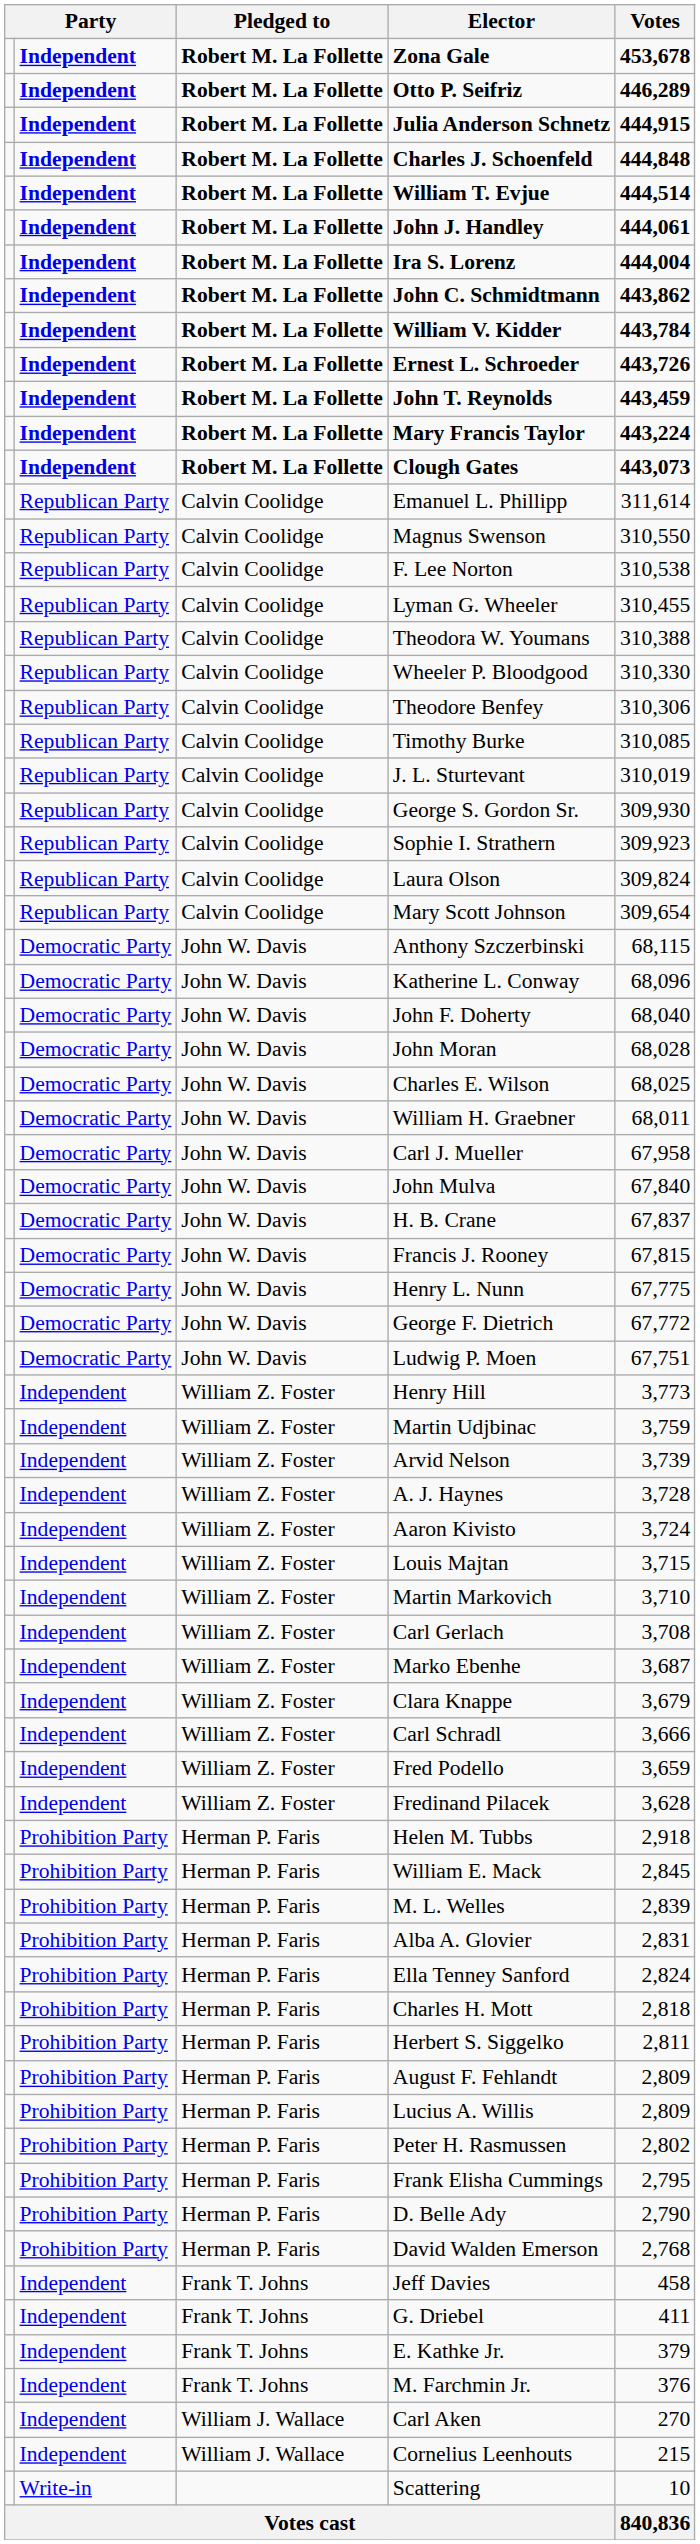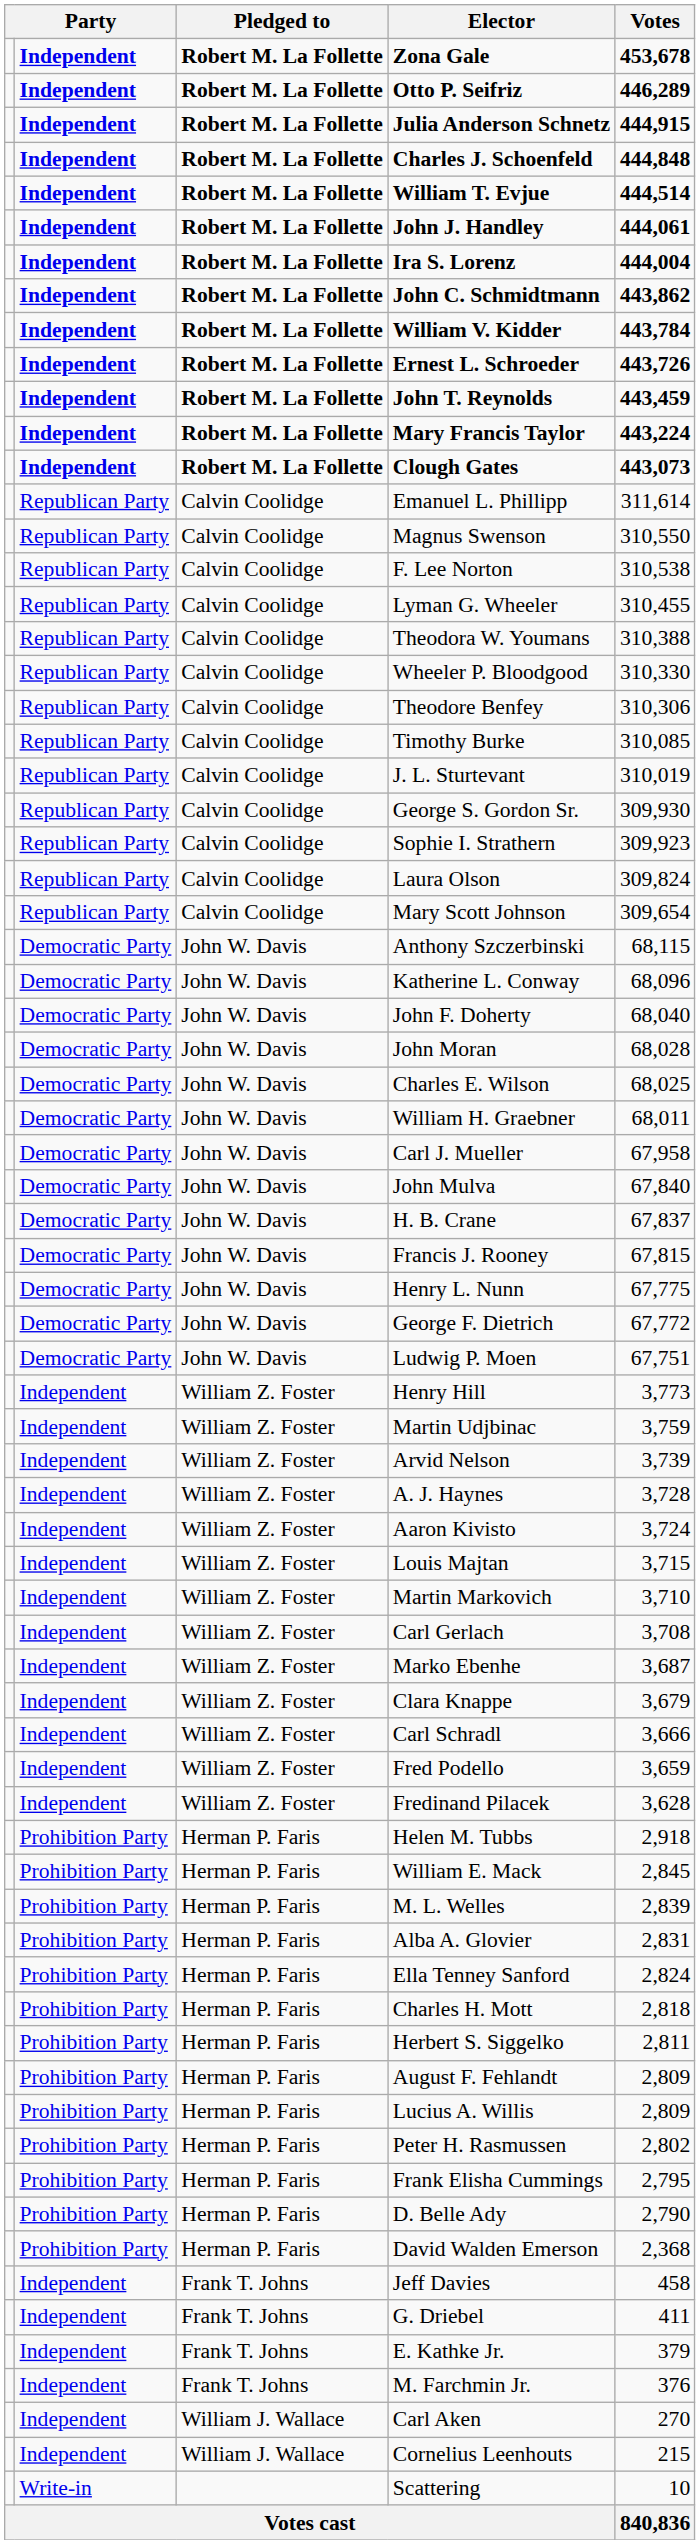 <table class="wikitable">
 <tr>
 <th colspan=2>Party</th>
 <th>Pledged to</th>
 <th>Elector</th>
 <th>Votes</th>
 </tr>
 <tr style="font-weight:bold">
 <td></td>
 <td><a href='#'>Independent</a></td>
 <td>Robert M. La Follette</td>
 <td>Zona Gale</td>
 <td align="right">453,678</td>
 </tr>
 <tr style="font-weight:bold">
 <td></td>
 <td><a href='#'>Independent</a></td>
 <td>Robert M. La Follette</td>
 <td>Otto P. Seifriz</td>
 <td align="right">446,289</td>
 </tr>
 <tr style="font-weight:bold">
 <td></td>
 <td><a href='#'>Independent</a></td>
 <td>Robert M. La Follette</td>
 <td>Julia Anderson Schnetz</td>
 <td align="right">444,915</td>
 </tr>
 <tr style="font-weight:bold">
 <td></td>
 <td><a href='#'>Independent</a></td>
 <td>Robert M. La Follette</td>
 <td>Charles J. Schoenfeld</td>
 <td align="right">444,848</td>
 </tr>
 <tr style="font-weight:bold">
 <td></td>
 <td><a href='#'>Independent</a></td>
 <td>Robert M. La Follette</td>
 <td>William T. Evjue</td>
 <td align="right">444,514</td>
 </tr>
 <tr style="font-weight:bold">
 <td></td>
 <td><a href='#'>Independent</a></td>
 <td>Robert M. La Follette</td>
 <td>John J. Handley</td>
 <td align="right">444,061</td>
 </tr>
 <tr style="font-weight:bold">
 <td></td>
 <td><a href='#'>Independent</a></td>
 <td>Robert M. La Follette</td>
 <td>Ira S. Lorenz</td>
 <td align="right">444,004</td>
 </tr>
 <tr style="font-weight:bold">
 <td></td>
 <td><a href='#'>Independent</a></td>
 <td>Robert M. La Follette</td>
 <td>John C. Schmidtmann</td>
 <td align="right">443,862</td>
 </tr>
 <tr style="font-weight:bold">
 <td></td>
 <td><a href='#'>Independent</a></td>
 <td>Robert M. La Follette</td>
 <td>William V. Kidder</td>
 <td align="right">443,784</td>
 </tr>
 <tr style="font-weight:bold">
 <td></td>
 <td><a href='#'>Independent</a></td>
 <td>Robert M. La Follette</td>
 <td>Ernest L. Schroeder</td>
 <td align="right">443,726</td>
 </tr>
 <tr style="font-weight:bold">
 <td></td>
 <td><a href='#'>Independent</a></td>
 <td>Robert M. La Follette</td>
 <td>John T. Reynolds</td>
 <td align="right">443,459</td>
 </tr>
 <tr style="font-weight:bold">
 <td></td>
 <td><a href='#'>Independent</a></td>
 <td>Robert M. La Follette</td>
 <td>Mary Francis Taylor</td>
 <td align="right">443,224</td>
 </tr>
 <tr style="font-weight:bold">
 <td></td>
 <td><a href='#'>Independent</a></td>
 <td>Robert M. La Follette</td>
 <td>Clough Gates</td>
 <td align="right">443,073</td>
 </tr>
 <tr>
 <td></td>
 <td><a href='#'>Republican Party</a></td>
 <td>Calvin Coolidge</td>
 <td>Emanuel L. Phillipp</td>
 <td align="right">311,614</td>
 </tr>
 <tr>
 <td></td>
 <td><a href='#'>Republican Party</a></td>
 <td>Calvin Coolidge</td>
 <td>Magnus Swenson</td>
 <td align="right">310,550</td>
 </tr>
 <tr>
 <td></td>
 <td><a href='#'>Republican Party</a></td>
 <td>Calvin Coolidge</td>
 <td>F. Lee Norton</td>
 <td align="right">310,538</td>
 </tr>
 <tr>
 <td></td>
 <td><a href='#'>Republican Party</a></td>
 <td>Calvin Coolidge</td>
 <td>Lyman G. Wheeler</td>
 <td align="right">310,455</td>
 </tr>
 <tr>
 <td></td>
 <td><a href='#'>Republican Party</a></td>
 <td>Calvin Coolidge</td>
 <td>Theodora W. Youmans</td>
 <td align="right">310,388</td>
 </tr>
 <tr>
 <td></td>
 <td><a href='#'>Republican Party</a></td>
 <td>Calvin Coolidge</td>
 <td>Wheeler P. Bloodgood</td>
 <td align="right">310,330</td>
 </tr>
 <tr>
 <td></td>
 <td><a href='#'>Republican Party</a></td>
 <td>Calvin Coolidge</td>
 <td>Theodore Benfey</td>
 <td align="right">310,306</td>
 </tr>
 <tr>
 <td></td>
 <td><a href='#'>Republican Party</a></td>
 <td>Calvin Coolidge</td>
 <td>Timothy Burke</td>
 <td align="right">310,085</td>
 </tr>
 <tr>
 <td></td>
 <td><a href='#'>Republican Party</a></td>
 <td>Calvin Coolidge</td>
 <td>J. L. Sturtevant</td>
 <td align="right">310,019</td>
 </tr>
 <tr>
 <td></td>
 <td><a href='#'>Republican Party</a></td>
 <td>Calvin Coolidge</td>
 <td>George S. Gordon Sr.</td>
 <td align="right">309,930</td>
 </tr>
 <tr>
 <td></td>
 <td><a href='#'>Republican Party</a></td>
 <td>Calvin Coolidge</td>
 <td>Sophie I. Strathern</td>
 <td align="right">309,923</td>
 </tr>
 <tr>
 <td></td>
 <td><a href='#'>Republican Party</a></td>
 <td>Calvin Coolidge</td>
 <td>Laura Olson</td>
 <td align="right">309,824</td>
 </tr>
 <tr>
 <td></td>
 <td><a href='#'>Republican Party</a></td>
 <td>Calvin Coolidge</td>
 <td>Mary Scott Johnson</td>
 <td align="right">309,654</td>
 </tr>
 <tr>
 <td></td>
 <td><a href='#'>Democratic Party</a></td>
 <td>John W. Davis</td>
 <td>Anthony Szczerbinski</td>
 <td align="right">68,115</td>
 </tr>
 <tr>
 <td></td>
 <td><a href='#'>Democratic Party</a></td>
 <td>John W. Davis</td>
 <td>Katherine L. Conway</td>
 <td align="right">68,096</td>
 </tr>
 <tr>
 <td></td>
 <td><a href='#'>Democratic Party</a></td>
 <td>John W. Davis</td>
 <td>John F. Doherty</td>
 <td align="right">68,040</td>
 </tr>
 <tr>
 <td></td>
 <td><a href='#'>Democratic Party</a></td>
 <td>John W. Davis</td>
 <td>John Moran</td>
 <td align="right">68,028</td>
 </tr>
 <tr>
 <td></td>
 <td><a href='#'>Democratic Party</a></td>
 <td>John W. Davis</td>
 <td>Charles E. Wilson</td>
 <td align="right">68,025</td>
 </tr>
 <tr>
 <td></td>
 <td><a href='#'>Democratic Party</a></td>
 <td>John W. Davis</td>
 <td>William H. Graebner</td>
 <td align="right">68,011</td>
 </tr>
 <tr>
 <td></td>
 <td><a href='#'>Democratic Party</a></td>
 <td>John W. Davis</td>
 <td>Carl J. Mueller</td>
 <td align="right">67,958</td>
 </tr>
 <tr>
 <td></td>
 <td><a href='#'>Democratic Party</a></td>
 <td>John W. Davis</td>
 <td>John Mulva</td>
 <td align="right">67,840</td>
 </tr>
 <tr>
 <td></td>
 <td><a href='#'>Democratic Party</a></td>
 <td>John W. Davis</td>
 <td>H. B. Crane</td>
 <td align="right">67,837</td>
 </tr>
 <tr>
 <td></td>
 <td><a href='#'>Democratic Party</a></td>
 <td>John W. Davis</td>
 <td>Francis J. Rooney</td>
 <td align="right">67,815</td>
 </tr>
 <tr>
 <td></td>
 <td><a href='#'>Democratic Party</a></td>
 <td>John W. Davis</td>
 <td>Henry L. Nunn</td>
 <td align="right">67,775</td>
 </tr>
 <tr>
 <td></td>
 <td><a href='#'>Democratic Party</a></td>
 <td>John W. Davis</td>
 <td>George F. Dietrich</td>
 <td align="right">67,772</td>
 </tr>
 <tr>
 <td></td>
 <td><a href='#'>Democratic Party</a></td>
 <td>John W. Davis</td>
 <td>Ludwig P. Moen</td>
 <td align="right">67,751</td>
 </tr>
 <tr>
 <td></td>
 <td><a href='#'>Independent</a></td>
 <td>William Z. Foster</td>
 <td>Henry Hill</td>
 <td align="right">3,773</td>
 </tr>
 <tr>
 <td></td>
 <td><a href='#'>Independent</a></td>
 <td>William Z. Foster</td>
 <td>Martin Udjbinac</td>
 <td align="right">3,759</td>
 </tr>
 <tr>
 <td></td>
 <td><a href='#'>Independent</a></td>
 <td>William Z. Foster</td>
 <td>Arvid Nelson</td>
 <td align="right">3,739</td>
 </tr>
 <tr>
 <td></td>
 <td><a href='#'>Independent</a></td>
 <td>William Z. Foster</td>
 <td>A. J. Haynes</td>
 <td align="right">3,728</td>
 </tr>
 <tr>
 <td></td>
 <td><a href='#'>Independent</a></td>
 <td>William Z. Foster</td>
 <td>Aaron Kivisto</td>
 <td align="right">3,724</td>
 </tr>
 <tr>
 <td></td>
 <td><a href='#'>Independent</a></td>
 <td>William Z. Foster</td>
 <td>Louis Majtan</td>
 <td align="right">3,715</td>
 </tr>
 <tr>
 <td></td>
 <td><a href='#'>Independent</a></td>
 <td>William Z. Foster</td>
 <td>Martin Markovich</td>
 <td align="right">3,710</td>
 </tr>
 <tr>
 <td></td>
 <td><a href='#'>Independent</a></td>
 <td>William Z. Foster</td>
 <td>Carl Gerlach</td>
 <td align="right">3,708</td>
 </tr>
 <tr>
 <td></td>
 <td><a href='#'>Independent</a></td>
 <td>William Z. Foster</td>
 <td>Marko Ebenhe</td>
 <td align="right">3,687</td>
 </tr>
 <tr>
 <td></td>
 <td><a href='#'>Independent</a></td>
 <td>William Z. Foster</td>
 <td>Clara Knappe</td>
 <td align="right">3,679</td>
 </tr>
 <tr>
 <td></td>
 <td><a href='#'>Independent</a></td>
 <td>William Z. Foster</td>
 <td>Carl Schradl</td>
 <td align="right">3,666</td>
 </tr>
 <tr>
 <td></td>
 <td><a href='#'>Independent</a></td>
 <td>William Z. Foster</td>
 <td>Fred Podello</td>
 <td align="right">3,659</td>
 </tr>
 <tr>
 <td></td>
 <td><a href='#'>Independent</a></td>
 <td>William Z. Foster</td>
 <td>Fredinand Pilacek</td>
 <td align="right">3,628</td>
 </tr>
 <tr>
 <td></td>
 <td><a href='#'>Prohibition Party</a></td>
 <td>Herman P. Faris</td>
 <td>Helen M. Tubbs</td>
 <td align="right">2,918</td>
 </tr>
 <tr>
 <td></td>
 <td><a href='#'>Prohibition Party</a></td>
 <td>Herman P. Faris</td>
 <td>William E. Mack</td>
 <td align="right">2,845</td>
 </tr>
 <tr>
 <td></td>
 <td><a href='#'>Prohibition Party</a></td>
 <td>Herman P. Faris</td>
 <td>M. L. Welles</td>
 <td align="right">2,839</td>
 </tr>
 <tr>
 <td></td>
 <td><a href='#'>Prohibition Party</a></td>
 <td>Herman P. Faris</td>
 <td>Alba A. Glovier</td>
 <td align="right">2,831</td>
 </tr>
 <tr>
 <td></td>
 <td><a href='#'>Prohibition Party</a></td>
 <td>Herman P. Faris</td>
 <td>Ella Tenney Sanford</td>
 <td align="right">2,824</td>
 </tr>
 <tr>
 <td></td>
 <td><a href='#'>Prohibition Party</a></td>
 <td>Herman P. Faris</td>
 <td>Charles H. Mott</td>
 <td align="right">2,818</td>
 </tr>
 <tr>
 <td></td>
 <td><a href='#'>Prohibition Party</a></td>
 <td>Herman P. Faris</td>
 <td>Herbert S. Siggelko</td>
 <td align="right">2,811</td>
 </tr>
 <tr>
 <td></td>
 <td><a href='#'>Prohibition Party</a></td>
 <td>Herman P. Faris</td>
 <td>August F. Fehlandt</td>
 <td align="right">2,809</td>
 </tr>
 <tr>
 <td></td>
 <td><a href='#'>Prohibition Party</a></td>
 <td>Herman P. Faris</td>
 <td>Lucius A. Willis</td>
 <td align="right">2,809</td>
 </tr>
 <tr>
 <td></td>
 <td><a href='#'>Prohibition Party</a></td>
 <td>Herman P. Faris</td>
 <td>Peter H. Rasmussen</td>
 <td align="right">2,802</td>
 </tr>
 <tr>
 <td></td>
 <td><a href='#'>Prohibition Party</a></td>
 <td>Herman P. Faris</td>
 <td>Frank Elisha Cummings</td>
 <td align="right">2,795</td>
 </tr>
 <tr>
 <td></td>
 <td><a href='#'>Prohibition Party</a></td>
 <td>Herman P. Faris</td>
 <td>D. Belle Ady</td>
 <td align="right">2,790</td>
 </tr>
 <tr>
 <td></td>
 <td><a href='#'>Prohibition Party</a></td>
 <td>Herman P. Faris</td>
 <td>David Walden Emerson</td>
-<td align="right">2,768</td>
+<td align="right">2,368</td>
 </tr>
 <tr>
 <td></td>
 <td><a href='#'>Independent</a></td>
 <td>Frank T. Johns</td>
 <td>Jeff Davies</td>
 <td align="right">458</td>
 </tr>
 <tr>
 <td></td>
 <td><a href='#'>Independent</a></td>
 <td>Frank T. Johns</td>
 <td>G. Driebel</td>
 <td align="right">411</td>
 </tr>
 <tr>
 <td></td>
 <td><a href='#'>Independent</a></td>
 <td>Frank T. Johns</td>
 <td>E. Kathke Jr.</td>
 <td align="right">379</td>
 </tr>
 <tr>
 <td></td>
 <td><a href='#'>Independent</a></td>
 <td>Frank T. Johns</td>
 <td>M. Farchmin Jr.</td>
 <td align="right">376</td>
 </tr>
 <tr>
 <td></td>
 <td><a href='#'>Independent</a></td>
 <td>William J. Wallace</td>
 <td>Carl Aken</td>
 <td align="right">270</td>
 </tr>
 <tr>
 <td></td>
 <td><a href='#'>Independent</a></td>
 <td>William J. Wallace</td>
 <td>Cornelius Leenhouts</td>
 <td align="right">215</td>
 </tr>
 <tr>
 <td></td>
 <td><a href='#'>Write-in</a></td>
 <td></td>
 <td>Scattering</td>
 <td align="right">10</td>
 </tr>
 <tr>
 <th colspan="4">Votes cast</th>
 <th>840,836</th>
 </tr>
 </table>
